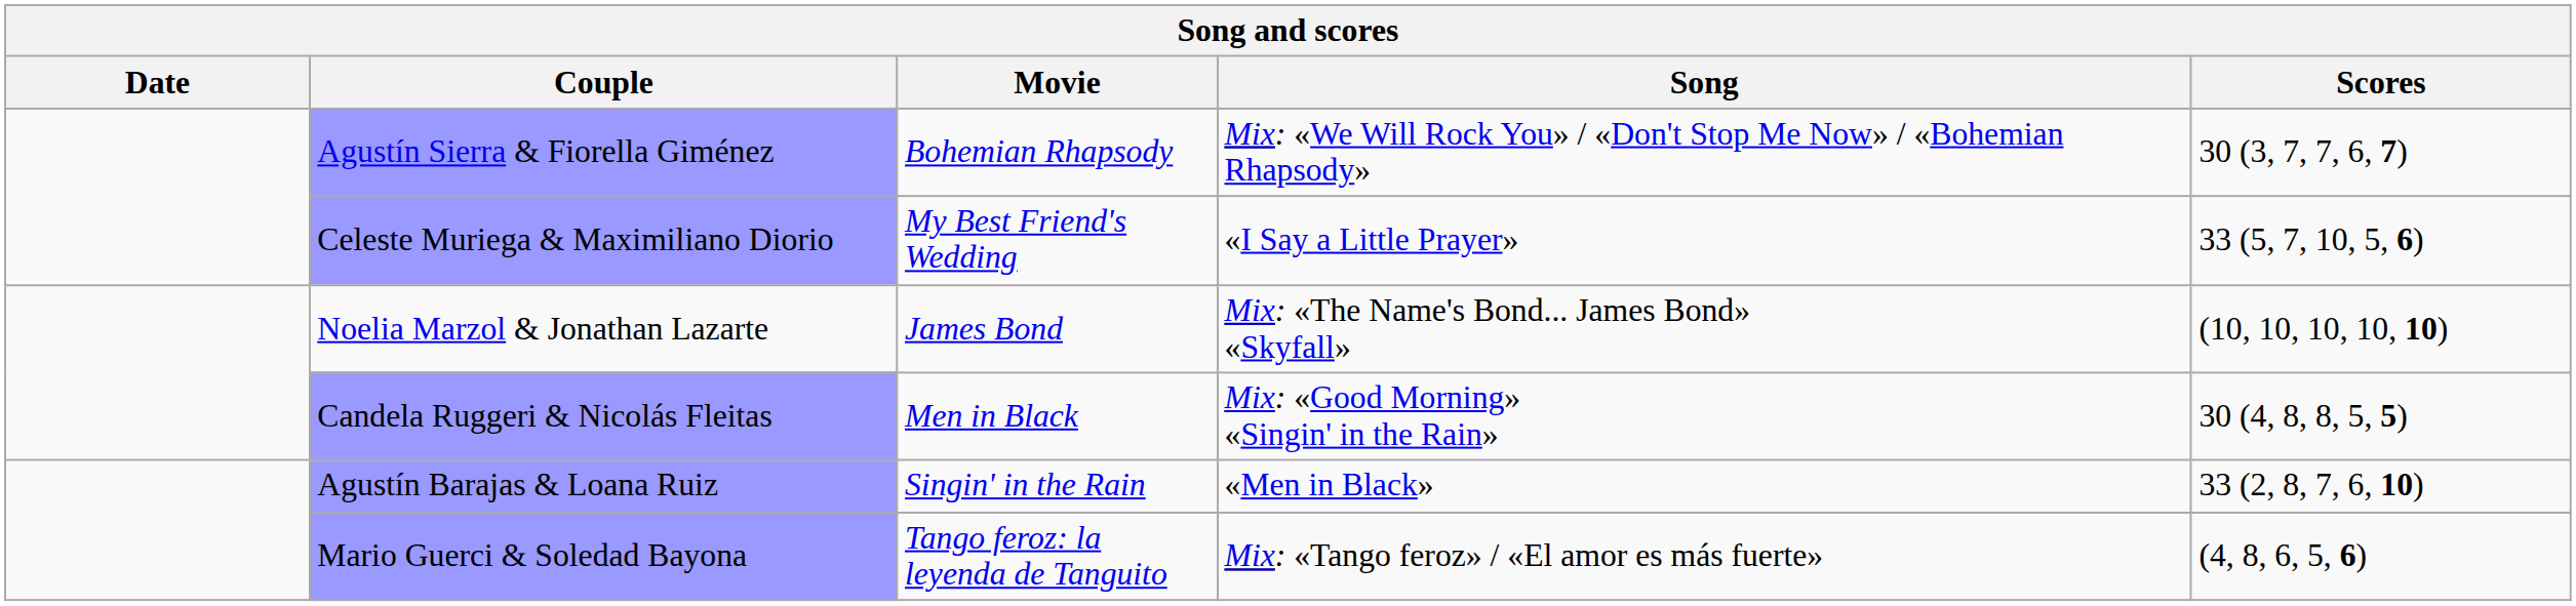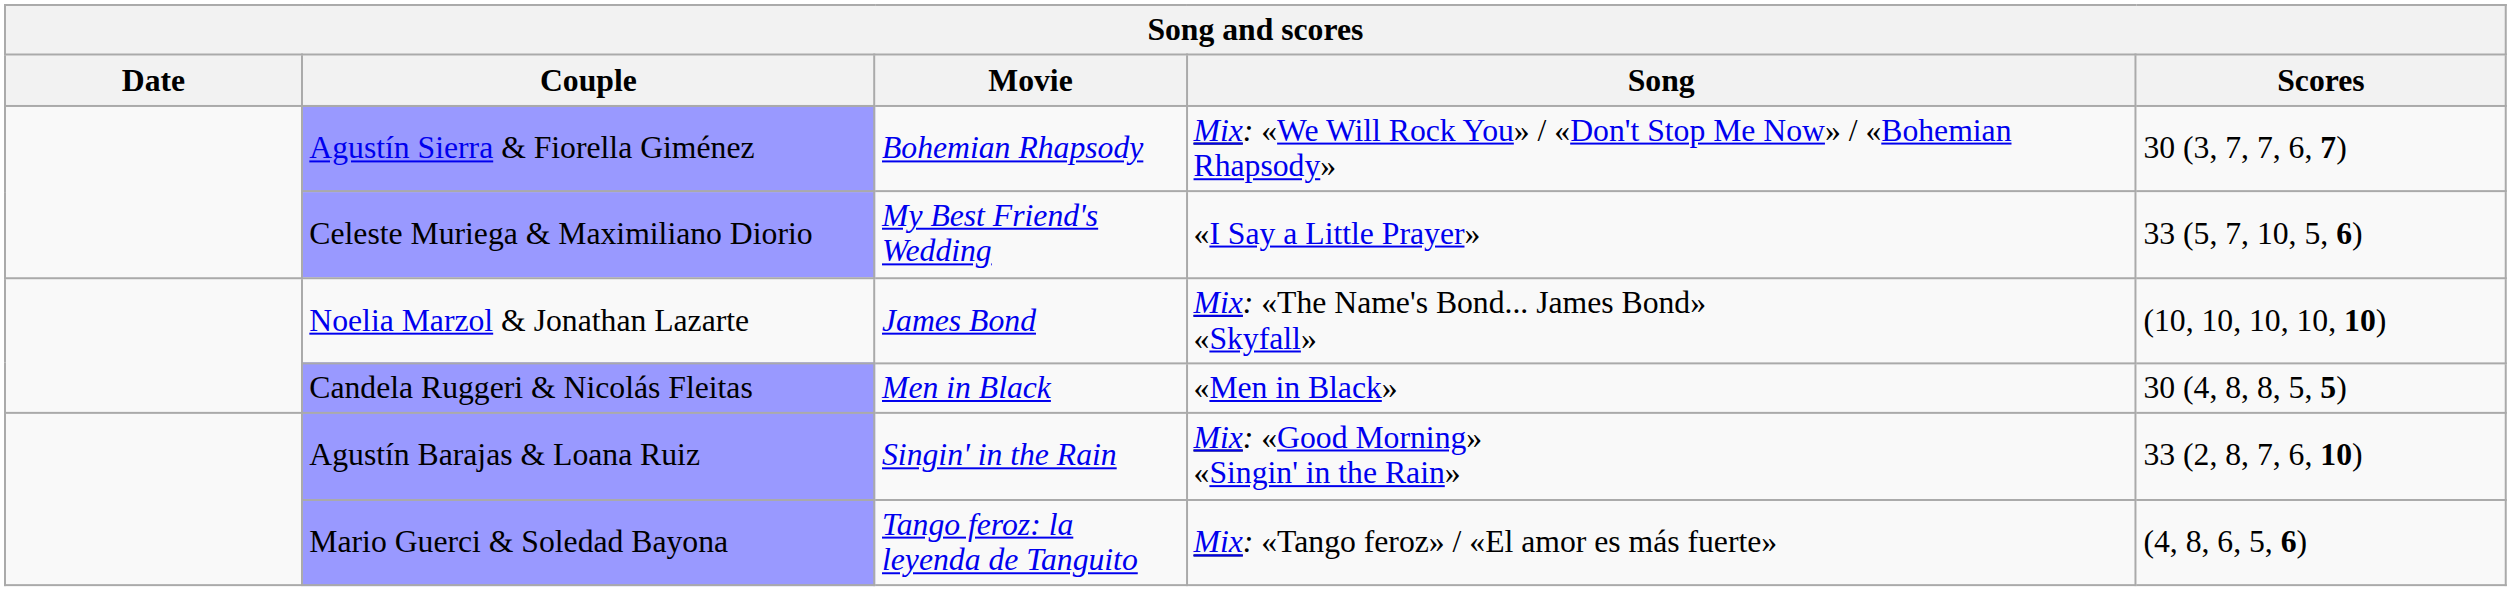 <table class="wikitable collapsible collapsed" style="text-align: align; width: 100%;">
 <tr>
 <th colspan="11" style="with: 100%;" align="center">Song and scores</th>
 </tr>
 <tr>
 <th width=95>Date</th>
 <th width=190>Couple</th>
 <th width=100>Movie</th>
 <th width=320>Song</th>
 <th width=120>Scores</th>
 </tr>
 <tr>
 <td rowspan="2"></td>
 <td bgcolor="#9999FF"><a href='#'>Agustín Sierra</a> & Fiorella Giménez</td>
 <td><em><a href='#'>Bohemian Rhapsody</a></em></td>
 <td><em><u><a href='#'>Mix</a></u>:</em> «<a href='#'>We Will Rock You</a>» / «<a href='#'>Don't Stop Me Now</a>» / «<a href='#'>Bohemian Rhapsody</a>» </td>
 <td>30 (3, 7, 7, 6, <strong>7</strong>)</td>
 </tr>
 <tr>
 <td bgcolor="#9999FF">Celeste Muriega & Maximiliano Diorio</td>
 <td><em><a href='#'>My Best Friend's Wedding</a></em></td>
 <td>«<a href='#'>I Say a Little Prayer</a>» </td>
 <td>33 (5, 7, 10, 5, <strong>6</strong>)</td>
 </tr>
 <tr>
 <td rowspan="2"></td>
 <td><a href='#'>Noelia Marzol</a> & Jonathan Lazarte</td>
 <td><em><a href='#'>James Bond</a></em></td>
 <td><em><u><a href='#'>Mix</a></u>:</em> «The Name's Bond... James Bond» <br>«<a href='#'>Skyfall</a>» </td>
 <td> (10, 10, 10, 10, <strong>10</strong>)</td>
 </tr>
 <tr>
 <td bgcolor="#9999FF">Candela Ruggeri & Nicolás Fleitas</td>
 <td><em><a href='#'>Men in Black</a></em></td>
-<td><em><u><a href='#'>Mix</a></u>:</em> «<a href='#'>Good Morning</a>» <br>«<a href='#'>Singin' in the Rain</a>» </td>
+<td>«<a href='#'>Men in Black</a>» </td>
 <td>30 (4, 8, 8, 5, <strong>5</strong>)</td>
 </tr>
 <tr>
 <td rowspan="2"></td>
 <td bgcolor="#9999FF">Agustín Barajas & Loana Ruiz</td>
 <td><em><a href='#'>Singin' in the Rain</a></em></td>
-<td>«<a href='#'>Men in Black</a>» </td>
+<td><em><u><a href='#'>Mix</a></u>:</em> «<a href='#'>Good Morning</a>» <br>«<a href='#'>Singin' in the Rain</a>» </td>
 <td>33 (2, 8, 7, 6, <strong>10</strong>)</td>
 </tr>
 <tr>
 <td bgcolor="#9999FF">Mario Guerci & Soledad Bayona</td>
 <td><em><a href='#'>Tango feroz: la leyenda de Tanguito</a></em></td>
 <td><em><u><a href='#'>Mix</a></u>:</em> «Tango feroz» / «El amor es más fuerte» </td>
 <td> (4, 8, 6, 5, <strong>6</strong>)</td>
 </tr>
 </table>
